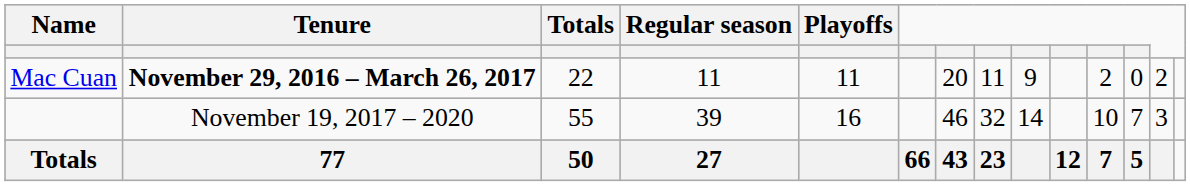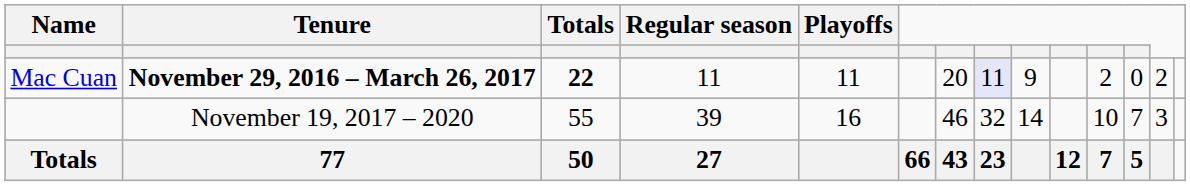 <table class="wikitable sortable" style="clear:both; margin:1.5em auto; text-align:center;">
 <tr>
 <th>Name</th>
 <th>Tenure</th>
 <th>Totals</th>
 <th>Regular season</th>
 <th>Playoffs</th>
 </tr>
 <tr>
 <th></th>
 <th></th>
 <th></th>
 <th></th>
 <th></th>
 <th></th>
 <th></th>
 <th></th>
 <th></th>
 <th></th>
 <th></th>
 <th></th>
 </tr>
 <tr>
 <td><a href='#'>Mac Cuan</a></td>
 <td><strong>November 29, 2016 – March 26, 2017</strong></td>
-<td>22</td>
+<td><strong>22</strong></td>
 <td>11</td>
 <td>11</td>
 <td></td>
 <td>20</td>
-<td>11</td>
+<td style="background: lavender;">11</td>
 <td>9</td>
 <td></td>
 <td>2</td>
 <td>0</td>
 <td>2</td>
 <td></td>
 </tr>
 <tr>
 <td></td>
 <td>November 19, 2017 – 2020</td>
 <td>55</td>
 <td>39</td>
 <td>16</td>
 <td></td>
 <td>46</td>
 <td>32</td>
 <td>14</td>
 <td></td>
 <td>10</td>
 <td>7</td>
 <td>3</td>
 <td></td>
 </tr>
 <tr>
 <th>Totals</th>
 <th>77</th>
 <th>50</th>
 <th>27</th>
 <th></th>
 <th>66</th>
 <th>43</th>
 <th>23</th>
 <th></th>
 <th>12</th>
 <th>7</th>
 <th>5</th>
 <th></th>
 </tr>
 </table>
